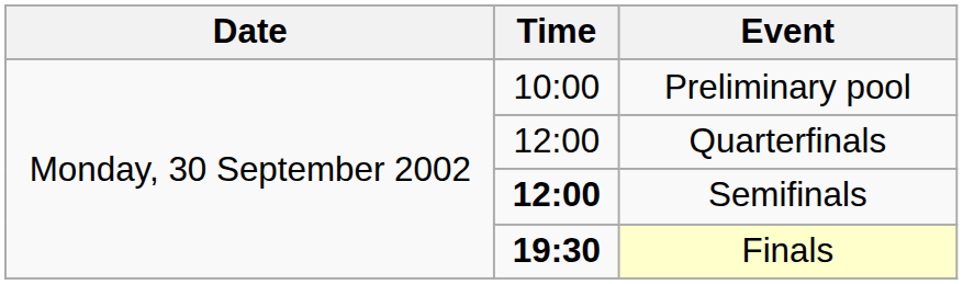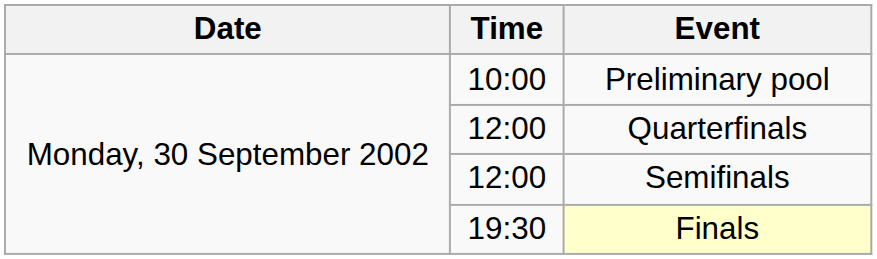 <table class = "wikitable" style="text-align:center;">
 <tr>
 <th width=220>Date</th>
 <th width=50>Time</th>
 <th width=150>Event</th>
 </tr>
 <tr>
 <td rowspan=4>Monday, 30 September 2002</td>
 <td>10:00</td>
 <td>Preliminary pool</td>
 </tr>
 <tr>
 <td>12:00</td>
 <td>Quarterfinals</td>
 </tr>
 <tr>
-<td><strong>12:00</strong></td>
+<td>12:00</td>
 <td>Semifinals</td>
 </tr>
 <tr>
-<td><strong>19:30</strong></td>
+<td>19:30</td>
 <td bgcolor=ffffcc>Finals</td>
 </tr>
 </table>
